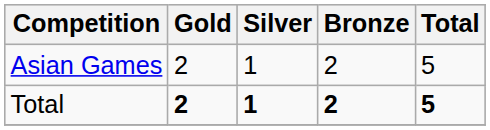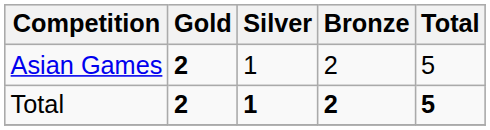 <table class="wikitable sortable">
 <tr>
 <th>Competition</th>
 <th>Gold</th>
 <th>Silver</th>
 <th>Bronze</th>
 <th>Total</th>
 </tr>
 <tr>
 <td><a href='#'>Asian Games</a></td>
-<td>2</td>
+<td><strong>2</strong></td>
 <td>1</td>
 <td>2</td>
 <td>5</td>
 </tr>
 <tr>
 <td>Total</td>
 <td><strong>2</strong></td>
 <td><strong>1</strong></td>
 <td><strong>2</strong></td>
 <td><strong>5</strong></td>
 </tr>
 <tr>
 </tr>
 </table>
